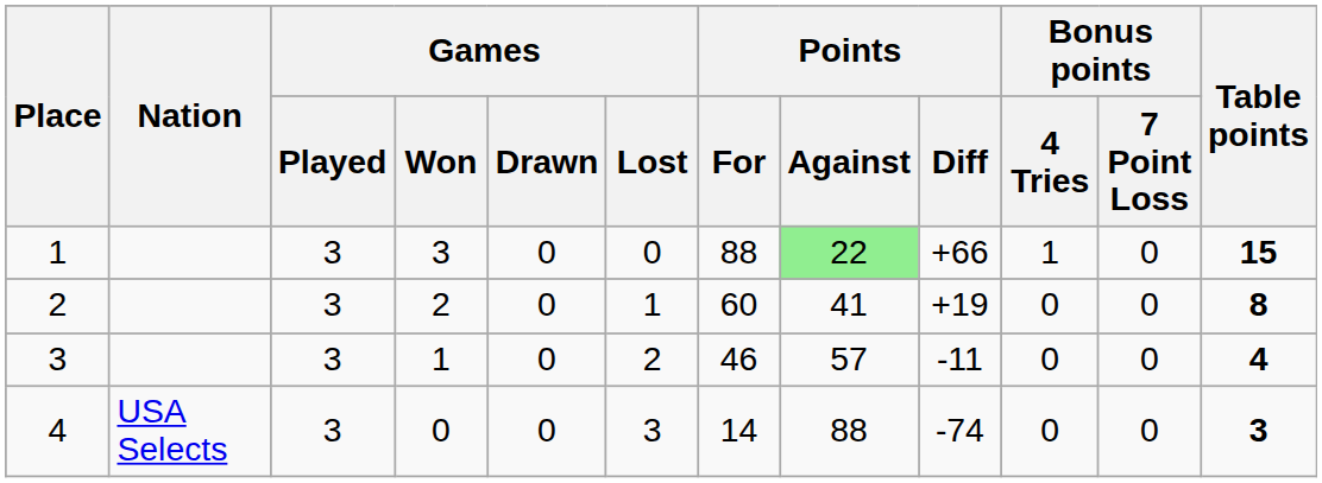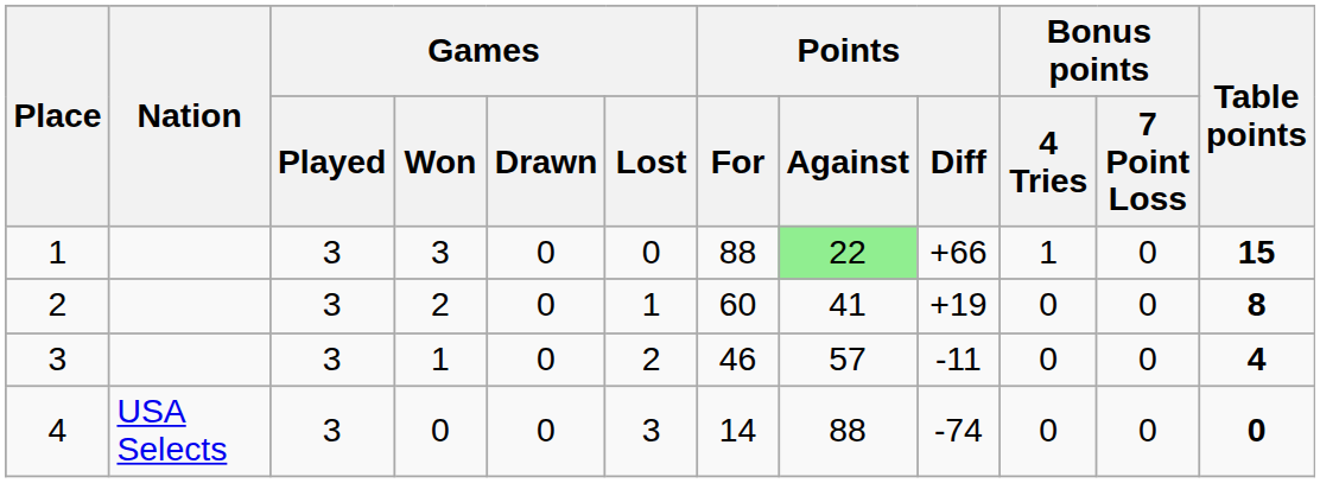 <table class="wikitable" style="width:100%;">
 <tr>
 <th rowspan="2" style="width:5%;">Place</th>
 <th rowspan="2" style="width:18%;">Nation</th>
 <th colspan="4" style="width:32%;">Games</th>
 <th colspan="3" style="width:18%;">Points</th>
 <th colspan="2" style="width:16%;">Bonus<br>points</th>
 <th rowspan="2" style="width:10%;">Table<br>points</th>
 </tr>
 <tr>
 <th style="width:8%;">Played</th>
 <th style="width:8%;">Won</th>
 <th style="width:8%;">Drawn</th>
 <th style="width:8%;">Lost</th>
 <th style="width:8%;">For</th>
 <th style="width:8%;">Against</th>
 <th style="width:8%;">Diff</th>
 <th style="width:8%;">4 Tries</th>
 <th style="width:8%;">7 Point Loss</th>
 </tr>
 <tr align=center>
 <td>1</td>
 <td align=left></td>
 <td>3</td>
 <td>3</td>
 <td>0</td>
 <td>0</td>
 <td>88</td>
 <td style="background: lightgreen;">22</td>
 <td>+66</td>
 <td>1</td>
 <td>0</td>
 <td><strong>15</strong></td>
 </tr>
 <tr align=center>
 <td>2</td>
 <td align=left></td>
 <td>3</td>
 <td>2</td>
 <td>0</td>
 <td>1</td>
 <td>60</td>
 <td>41</td>
 <td>+19</td>
 <td>0</td>
 <td>0</td>
 <td><strong>8</strong></td>
 </tr>
 <tr align=center>
 <td>3</td>
 <td align=left></td>
 <td>3</td>
 <td>1</td>
 <td>0</td>
 <td>2</td>
 <td>46</td>
 <td>57</td>
 <td>-11</td>
 <td>0</td>
 <td>0</td>
 <td><strong>4</strong></td>
 </tr>
 <tr align=center>
 <td>4</td>
 <td align=left> <a href='#'>USA Selects</a></td>
 <td>3</td>
 <td>0</td>
 <td>0</td>
 <td>3</td>
 <td>14</td>
 <td>88</td>
 <td>-74</td>
 <td>0</td>
 <td>0</td>
-<td><strong>3</strong></td>
+<td><strong>0</strong></td>
 </tr>
 </table>
